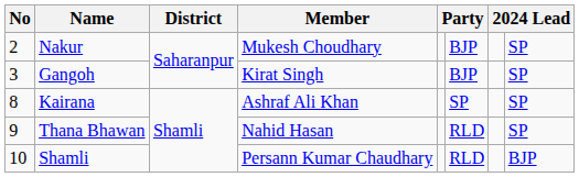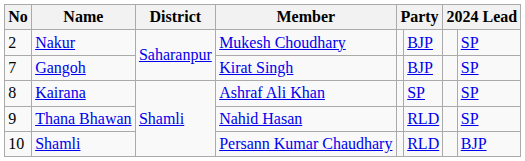 <table class="wikitable">
 <tr>
 <th>No</th>
 <th>Name</th>
 <th>District</th>
 <th>Member</th>
 <th colspan="2">Party</th>
 <th colspan="2">2024 Lead</th>
 </tr>
 <tr>
 <td>2</td>
 <td><a href='#'>Nakur</a></td>
 <td rowspan="2"><a href='#'>Saharanpur</a></td>
 <td><a href='#'>Mukesh Choudhary</a></td>
 <td style="background-color:"></td>
 <td><a href='#'>BJP</a></td>
 <td style="background-color:"></td>
 <td><a href='#'>SP</a></td>
 </tr>
 <tr>
-<td>3</td>
+<td>7</td>
 <td><a href='#'>Gangoh</a></td>
 <td><a href='#'>Kirat Singh</a></td>
 <td style="background-color:"></td>
 <td><a href='#'>BJP</a></td>
 <td style="background-color:"></td>
 <td><a href='#'>SP</a></td>
 </tr>
 <tr>
 <td>8</td>
 <td><a href='#'>Kairana</a></td>
 <td rowspan="3"><a href='#'>Shamli</a></td>
 <td><a href='#'>Ashraf Ali Khan</a></td>
 <td style="background-color:"></td>
 <td><a href='#'>SP</a></td>
 <td style="background-color:"></td>
 <td><a href='#'>SP</a></td>
 </tr>
 <tr>
 <td>9</td>
 <td><a href='#'>Thana Bhawan</a></td>
 <td><a href='#'>Nahid Hasan</a></td>
 <td style="background-color: "></td>
 <td><a href='#'>RLD</a></td>
 <td style="background-color:"></td>
 <td><a href='#'>SP</a></td>
 </tr>
 <tr>
 <td>10</td>
 <td><a href='#'>Shamli</a></td>
 <td><a href='#'>Persann Kumar Chaudhary</a></td>
 <td style="background-color: "></td>
 <td><a href='#'>RLD</a></td>
 <td style="background-color:"></td>
 <td><a href='#'>BJP</a></td>
 </tr>
 </table>
